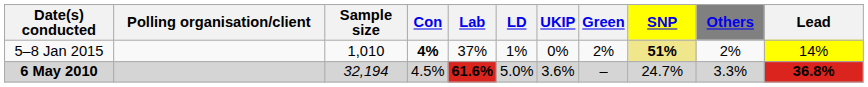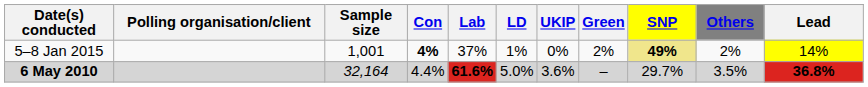 <table class="wikitable sortable" style="text-align:center;font-size:90%;line-height:14px">
 <tr>
 <th ! style="width:100px;">Date(s)<br>conducted</th>
 <th style="width:200px;">Polling organisation/client</th>
 <th class="unsortable" style="width:75px;">Sample size</th>
 <th class="unsortable" style="background:"><a href='#'><span>Con</span></a></th>
 <th class="unsortable" style="background:"><a href='#'><span>Lab</span></a></th>
 <th class="unsortable" style="background:"><a href='#'><span>LD</span></a></th>
 <th class="unsortable" style="background:"><a href='#'><span>UKIP</span></a></th>
 <th class="unsortable" style="background:"><a href='#'><span>Green</span></a></th>
 <th class="unsortable" style="background:#ffff00; width:60px;"><a href='#'><span>SNP</span></a></th>
 <th class="unsortable" style="background:gray; width:60px;"><a href='#'><span>Others</span></a></th>
 <th class="unsortable" style="width:90px;">Lead</th>
 </tr>
 <tr>
 <td>5–8 Jan 2015</td>
 <td> </td>
-<td>1,010</td>
+<td>1,001</td>
 <td><strong>4%</strong></td>
 <td>37%</td>
 <td>1%</td>
 <td>0%</td>
 <td>2%</td>
-<td style="background:khaki"><strong>51%</strong></td>
+<td style="background:khaki"><strong>49%</strong></td>
 <td>2%</td>
 <td style="background:#ff0"><span>14% </span></td>
 </tr>
 <tr>
 <td style="background:#D5D5D5"><strong>6 May 2010</strong></td>
 <td style="background:#D5D5D5"></td>
-<td style="background:#D5D5D5"><em>32,194</em></td>
-<td style="background:#D5D5D5">4.5%</td>
+<td style="background:#D5D5D5"><em>32,164</em></td>
+<td style="background:#D5D5D5">4.4%</td>
 <td style="background:#dc241f"><span><strong>61.6%</strong></span></td>
 <td style="background:#D5D5D5">5.0%</td>
 <td style="background:#D5D5D5">3.6%</td>
 <td style="background:#D5D5D5">–</td>
-<td style="background:#D5D5D5">24.7%</td>
-<td style="background:#D5D5D5">3.3%</td>
+<td style="background:#D5D5D5">29.7%</td>
+<td style="background:#D5D5D5">3.5%</td>
 <td style="background:#dc241f"><span><strong>36.8% </strong></span></td>
 </tr>
 </table>
